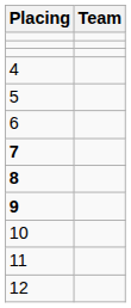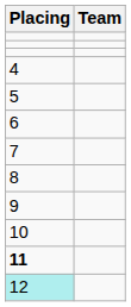 <table class="wikitable">
 <tr>
 <th>Placing</th>
 <th>Team</th>
 </tr>
 <tr>
 <td></td>
 <td></td>
 </tr>
 <tr>
 <td></td>
 <td></td>
 </tr>
 <tr>
 <td></td>
 <td></td>
 </tr>
 <tr>
 <td>4</td>
 <td></td>
 </tr>
 <tr>
 <td>5</td>
 <td></td>
 </tr>
 <tr>
 <td>6</td>
 <td></td>
 </tr>
 <tr>
-<td><strong>7</strong></td>
+<td>7</td>
 <td></td>
 </tr>
 <tr>
-<td><strong>8</strong></td>
+<td>8</td>
 <td></td>
 </tr>
 <tr>
-<td><strong>9</strong></td>
+<td>9</td>
 <td></td>
 </tr>
 <tr>
 <td>10</td>
 <td></td>
 </tr>
 <tr>
-<td>11</td>
+<td><strong>11</strong></td>
 <td></td>
 </tr>
 <tr>
-<td>12</td>
+<td style="background: paleturquoise;">12</td>
 <td></td>
 </tr>
 </table>
